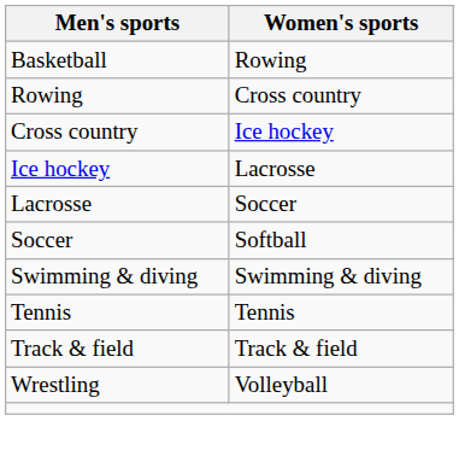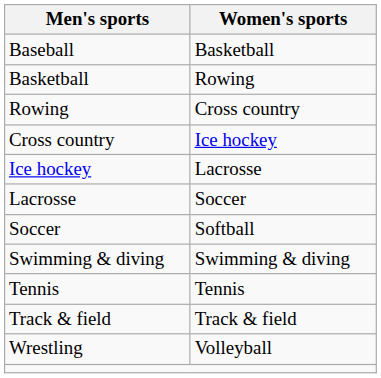 <table class="wikitable">
 <tr>
 <th width=150px>Men's sports</th>
 <th width=150px>Women's sports</th>
+</tr>
+<tr>
+<td>Baseball</td>
+<td>Basketball</td>
 </tr>
 <tr>
 <td>Basketball</td>
 <td>Rowing</td>
 </tr>
 <tr>
 <td>Rowing</td>
 <td>Cross country</td>
 </tr>
 <tr>
 <td>Cross country</td>
 <td><a href='#'>Ice hockey</a></td>
 </tr>
 <tr>
 <td><a href='#'>Ice hockey</a></td>
 <td>Lacrosse</td>
 </tr>
 <tr>
 <td>Lacrosse</td>
 <td>Soccer</td>
 </tr>
 <tr>
 <td>Soccer</td>
 <td>Softball</td>
 </tr>
 <tr>
 <td>Swimming & diving</td>
 <td>Swimming & diving</td>
 </tr>
 <tr>
 <td>Tennis</td>
 <td>Tennis</td>
 </tr>
 <tr>
 <td>Track & field</td>
 <td>Track & field</td>
 </tr>
 <tr>
 <td>Wrestling</td>
 <td>Volleyball</td>
 </tr>
 <tr>
 <td colspan="2"></td>
 </tr>
 </table>
